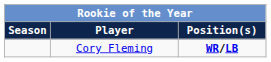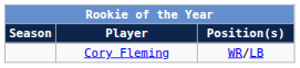 <table class="wikitable sortable" style="text-align:center">
 <tr>
 <td colspan="4" style="background:#648fcc; color:white;"><strong>Rookie of the Year</strong></td>
 </tr>
 <tr>
 <th style="width:50px; background:#0d254c; color:white;">Season</th>
 <th style="width:150px; background:#0d254c; color:white;">Player</th>
 <th style="width:100px; background:#0d254c; color:white;">Position(s)</th>
 </tr>
 <tr>
 <td></td>
 <td><a href='#'>Cory Fleming</a></td>
-<td><strong><a href='#'>WR</a>/<a href='#'>LB</a></strong></td>
+<td><a href='#'>WR</a>/<a href='#'>LB</a></td>
 </tr>
 </table>
